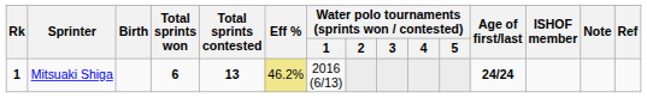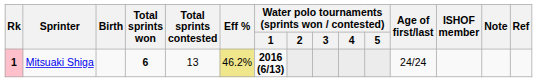 <table class="wikitable sortable" style="text-align: center; font-size: 85%; margin-left: 1em;">
 <tr>
 <th rowspan="2">Rk</th>
 <th rowspan="2">Sprinter</th>
 <th rowspan="2">Birth</th>
 <th rowspan="2">Total<br>sprints<br>won</th>
 <th rowspan="2">Total<br>sprints<br>contested</th>
 <th rowspan="2">Eff %</th>
 <th colspan="5">Water polo tournaments<br>(sprints won / contested)</th>
 <th rowspan="2">Age of<br>first/last</th>
 <th rowspan="2">ISHOF<br>member</th>
 <th rowspan="2">Note</th>
 <th rowspan="2" class="unsortable">Ref</th>
 </tr>
 <tr>
 <th>1</th>
 <th style="width: 2em;" class="unsortable">2</th>
 <th style="width: 2em;" class="unsortable">3</th>
 <th style="width: 2em;" class="unsortable">4</th>
 <th style="width: 2em;" class="unsortable">5</th>
 </tr>
 <tr>
-<td><strong>1</strong></td>
+<td style="background: pink;"><strong>1</strong></td>
 <td style="text-align: left;" data-sort-value="Shiga, Mitsuaki"><a href='#'>Mitsuaki Shiga</a></td>
 <td></td>
 <td><strong>6</strong></td>
-<td><strong>13</strong></td>
+<td>13</td>
 <td style="background: khaki;">46.2%</td>
-<td>2016<br>(6/13)</td>
+<td><strong>2016<br>(6/13)</strong></td>
 <td style="background-color: #ececec;"></td>
 <td style="background-color: #ececec;"></td>
 <td style="background-color: #ececec;"></td>
 <td style="background-color: #ececec;"></td>
-<td><strong>24/24</strong></td>
+<td>24/24</td>
 <td></td>
 <td style="text-align: left;"></td>
 <td></td>
 </tr>
 </table>
